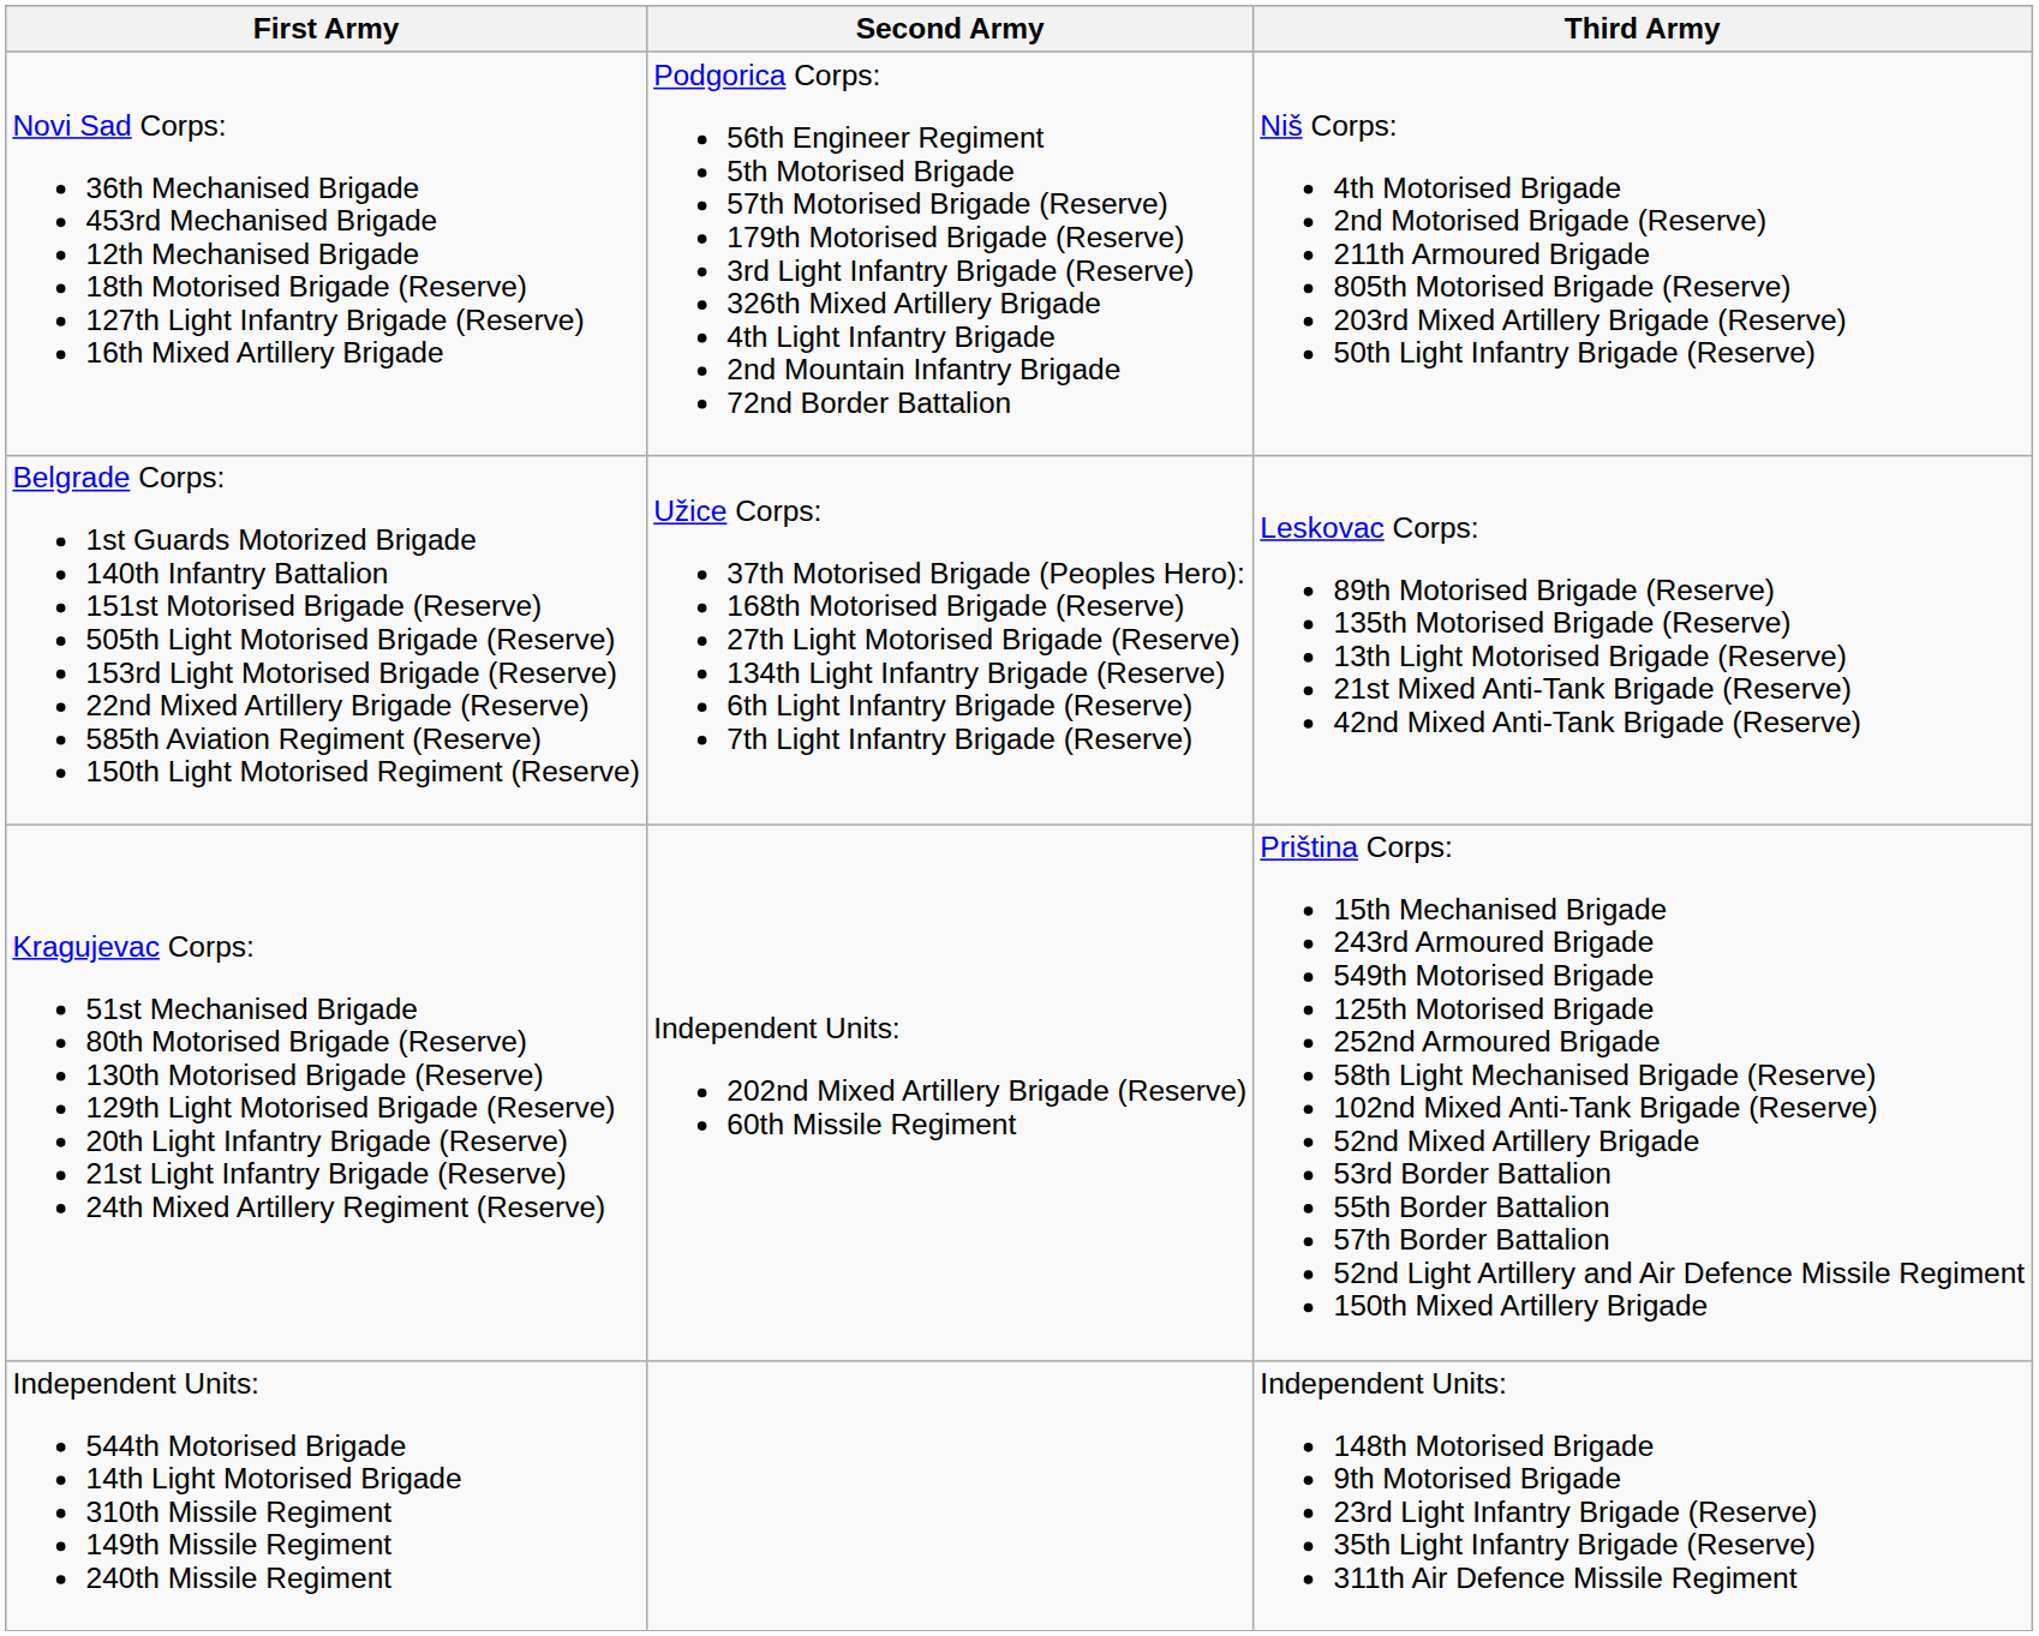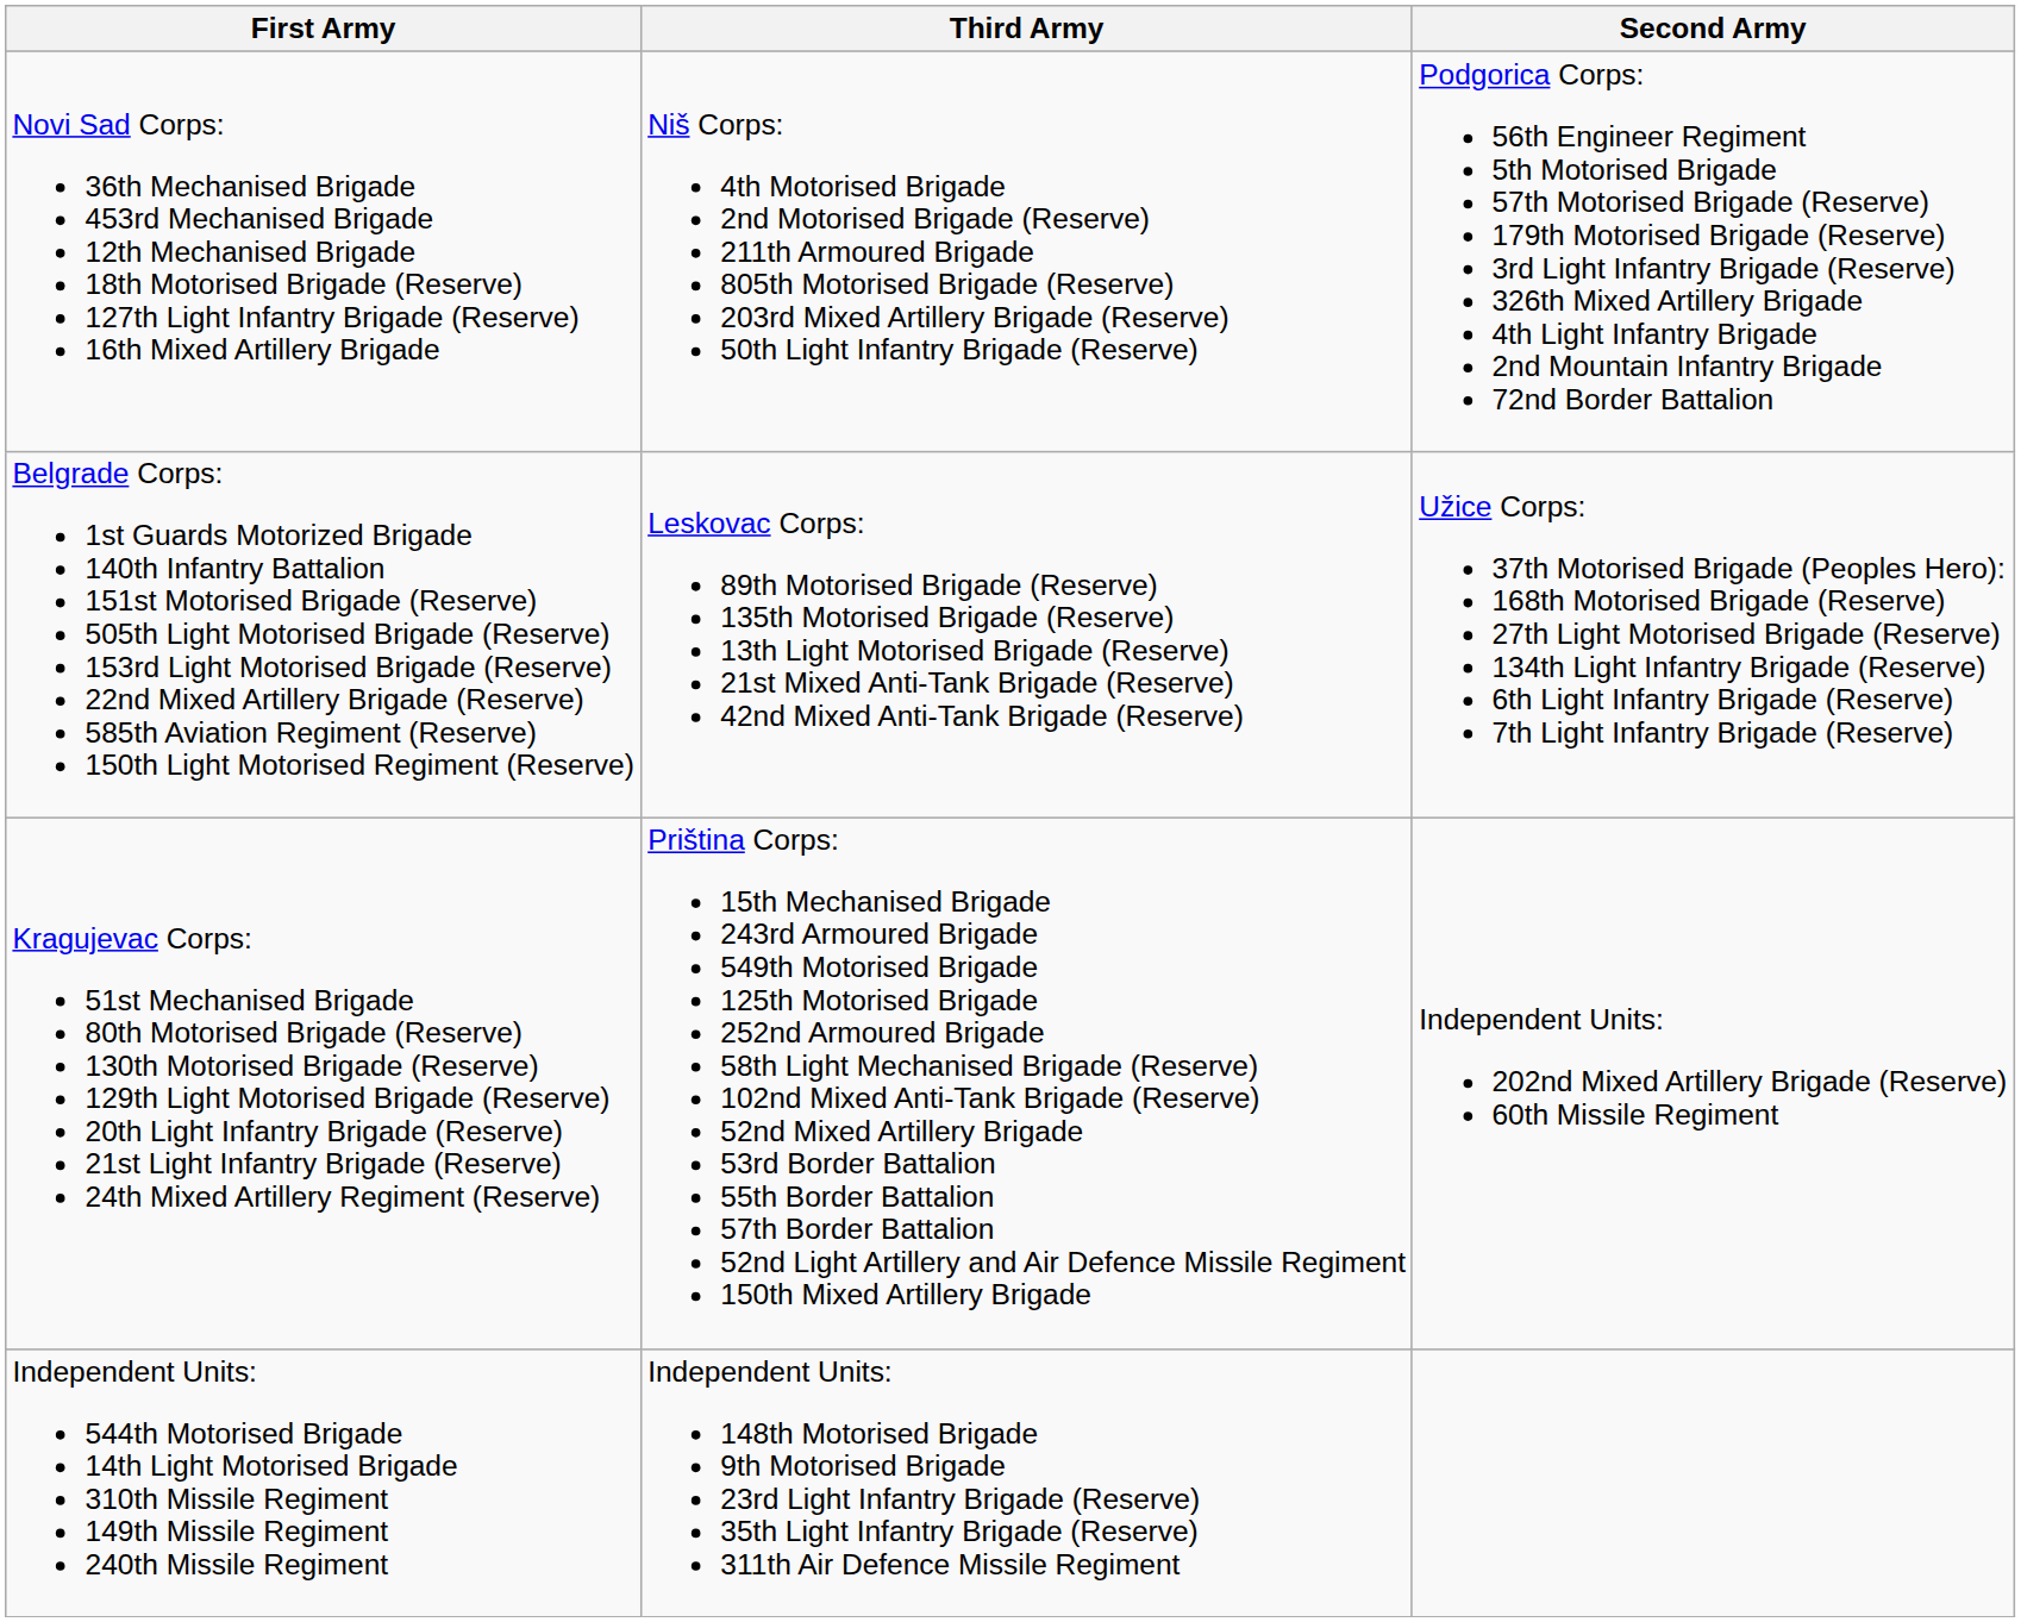 <table class="wikitable">
 <tr>
 <th>First Army</th>
+<th>Third Army</th>
 <th>Second Army</th>
-<th>Third Army</th>
 </tr>
 <tr>
 <td><a href='#'>Novi Sad</a> Corps:<br><ul><li>36th Mechanised Brigade</li><li>453rd Mechanised Brigade</li><li>12th Mechanised Brigade</li><li>18th Motorised Brigade (Reserve)</li><li>127th Light Infantry Brigade (Reserve)</li><li>16th Mixed Artillery Brigade</li></ul></td>
+<td><a href='#'>Niš</a> Corps:<br><ul><li>4th Motorised Brigade</li><li>2nd Motorised Brigade (Reserve)</li><li>211th Armoured Brigade</li><li>805th Motorised Brigade (Reserve)</li><li>203rd Mixed Artillery Brigade (Reserve)</li><li>50th Light Infantry Brigade (Reserve)</li></ul></td>
 <td><a href='#'>Podgorica</a> Corps:<br><ul><li>56th Engineer Regiment</li><li>5th Motorised Brigade</li><li>57th Motorised Brigade (Reserve)</li><li>179th Motorised Brigade (Reserve)</li><li>3rd Light Infantry Brigade (Reserve)</li><li>326th Mixed Artillery Brigade</li><li>4th Light Infantry Brigade</li><li>2nd Mountain Infantry Brigade</li><li>72nd Border Battalion</li></ul></td>
-<td><a href='#'>Niš</a> Corps:<br><ul><li>4th Motorised Brigade</li><li>2nd Motorised Brigade (Reserve)</li><li>211th Armoured Brigade</li><li>805th Motorised Brigade (Reserve)</li><li>203rd Mixed Artillery Brigade (Reserve)</li><li>50th Light Infantry Brigade (Reserve)</li></ul></td>
 </tr>
 <tr>
 <td><a href='#'>Belgrade</a> Corps:<br><ul><li>1st Guards Motorized Brigade</li><li>140th Infantry Battalion</li><li>151st Motorised Brigade (Reserve)</li><li>505th Light Motorised Brigade (Reserve)</li><li>153rd Light Motorised Brigade (Reserve)</li><li>22nd Mixed Artillery Brigade (Reserve)</li><li>585th Aviation Regiment (Reserve)</li><li>150th Light Motorised Regiment (Reserve)</li></ul></td>
+<td><a href='#'>Leskovac</a> Corps:<br><ul><li>89th Motorised Brigade (Reserve)</li><li>135th Motorised Brigade (Reserve)</li><li>13th Light Motorised Brigade (Reserve)</li><li>21st Mixed Anti-Tank Brigade (Reserve)</li><li>42nd Mixed Anti-Tank Brigade (Reserve)</li></ul></td>
 <td><a href='#'>Užice</a> Corps:<br><ul><li>37th Motorised Brigade (Peoples Hero):</li><li>168th Motorised Brigade (Reserve)</li><li>27th Light Motorised Brigade (Reserve)</li><li>134th Light Infantry Brigade (Reserve)</li><li>6th Light Infantry Brigade (Reserve)</li><li>7th Light Infantry Brigade (Reserve)</li></ul></td>
-<td><a href='#'>Leskovac</a> Corps:<br><ul><li>89th Motorised Brigade (Reserve)</li><li>135th Motorised Brigade (Reserve)</li><li>13th Light Motorised Brigade (Reserve)</li><li>21st Mixed Anti-Tank Brigade (Reserve)</li><li>42nd Mixed Anti-Tank Brigade (Reserve)</li></ul></td>
 </tr>
 <tr>
 <td><a href='#'>Kragujevac</a> Corps:<br><ul><li>51st Mechanised Brigade</li><li>80th Motorised Brigade (Reserve)</li><li>130th Motorised Brigade (Reserve)</li><li>129th Light Motorised Brigade (Reserve)</li><li>20th Light Infantry Brigade (Reserve)</li><li>21st Light Infantry Brigade (Reserve)</li><li>24th Mixed Artillery Regiment (Reserve)</li></ul></td>
+<td><a href='#'>Priština</a> Corps:<br><ul><li>15th Mechanised Brigade</li><li>243rd Armoured Brigade</li><li>549th Motorised Brigade</li><li>125th Motorised Brigade</li><li>252nd Armoured Brigade</li><li>58th Light Mechanised Brigade (Reserve)</li><li>102nd Mixed Anti-Tank Brigade (Reserve)</li><li>52nd Mixed Artillery Brigade</li><li>53rd Border Battalion</li><li>55th Border Battalion</li><li>57th Border Battalion</li><li>52nd Light Artillery and Air Defence Missile Regiment</li><li>150th Mixed Artillery Brigade</li></ul></td>
 <td>Independent Units:<br><ul><li>202nd Mixed Artillery Brigade (Reserve)</li><li>60th Missile Regiment</li></ul></td>
-<td><a href='#'>Priština</a> Corps:<br><ul><li>15th Mechanised Brigade</li><li>243rd Armoured Brigade</li><li>549th Motorised Brigade</li><li>125th Motorised Brigade</li><li>252nd Armoured Brigade</li><li>58th Light Mechanised Brigade (Reserve)</li><li>102nd Mixed Anti-Tank Brigade (Reserve)</li><li>52nd Mixed Artillery Brigade</li><li>53rd Border Battalion</li><li>55th Border Battalion</li><li>57th Border Battalion</li><li>52nd Light Artillery and Air Defence Missile Regiment</li><li>150th Mixed Artillery Brigade</li></ul></td>
 </tr>
 <tr>
 <td>Independent Units:<br><ul><li>544th Motorised Brigade</li><li>14th Light Motorised Brigade</li><li>310th Missile Regiment</li><li>149th Missile Regiment</li><li>240th Missile Regiment</li></ul></td>
+<td>Independent Units:<br><ul><li>148th Motorised Brigade</li><li>9th Motorised Brigade</li><li>23rd Light Infantry Brigade (Reserve)</li><li>35th Light Infantry Brigade (Reserve)</li><li>311th Air Defence Missile Regiment</li></ul></td>
 <td></td>
-<td>Independent Units:<br><ul><li>148th Motorised Brigade</li><li>9th Motorised Brigade</li><li>23rd Light Infantry Brigade (Reserve)</li><li>35th Light Infantry Brigade (Reserve)</li><li>311th Air Defence Missile Regiment</li></ul></td>
 </tr>
 </table>
